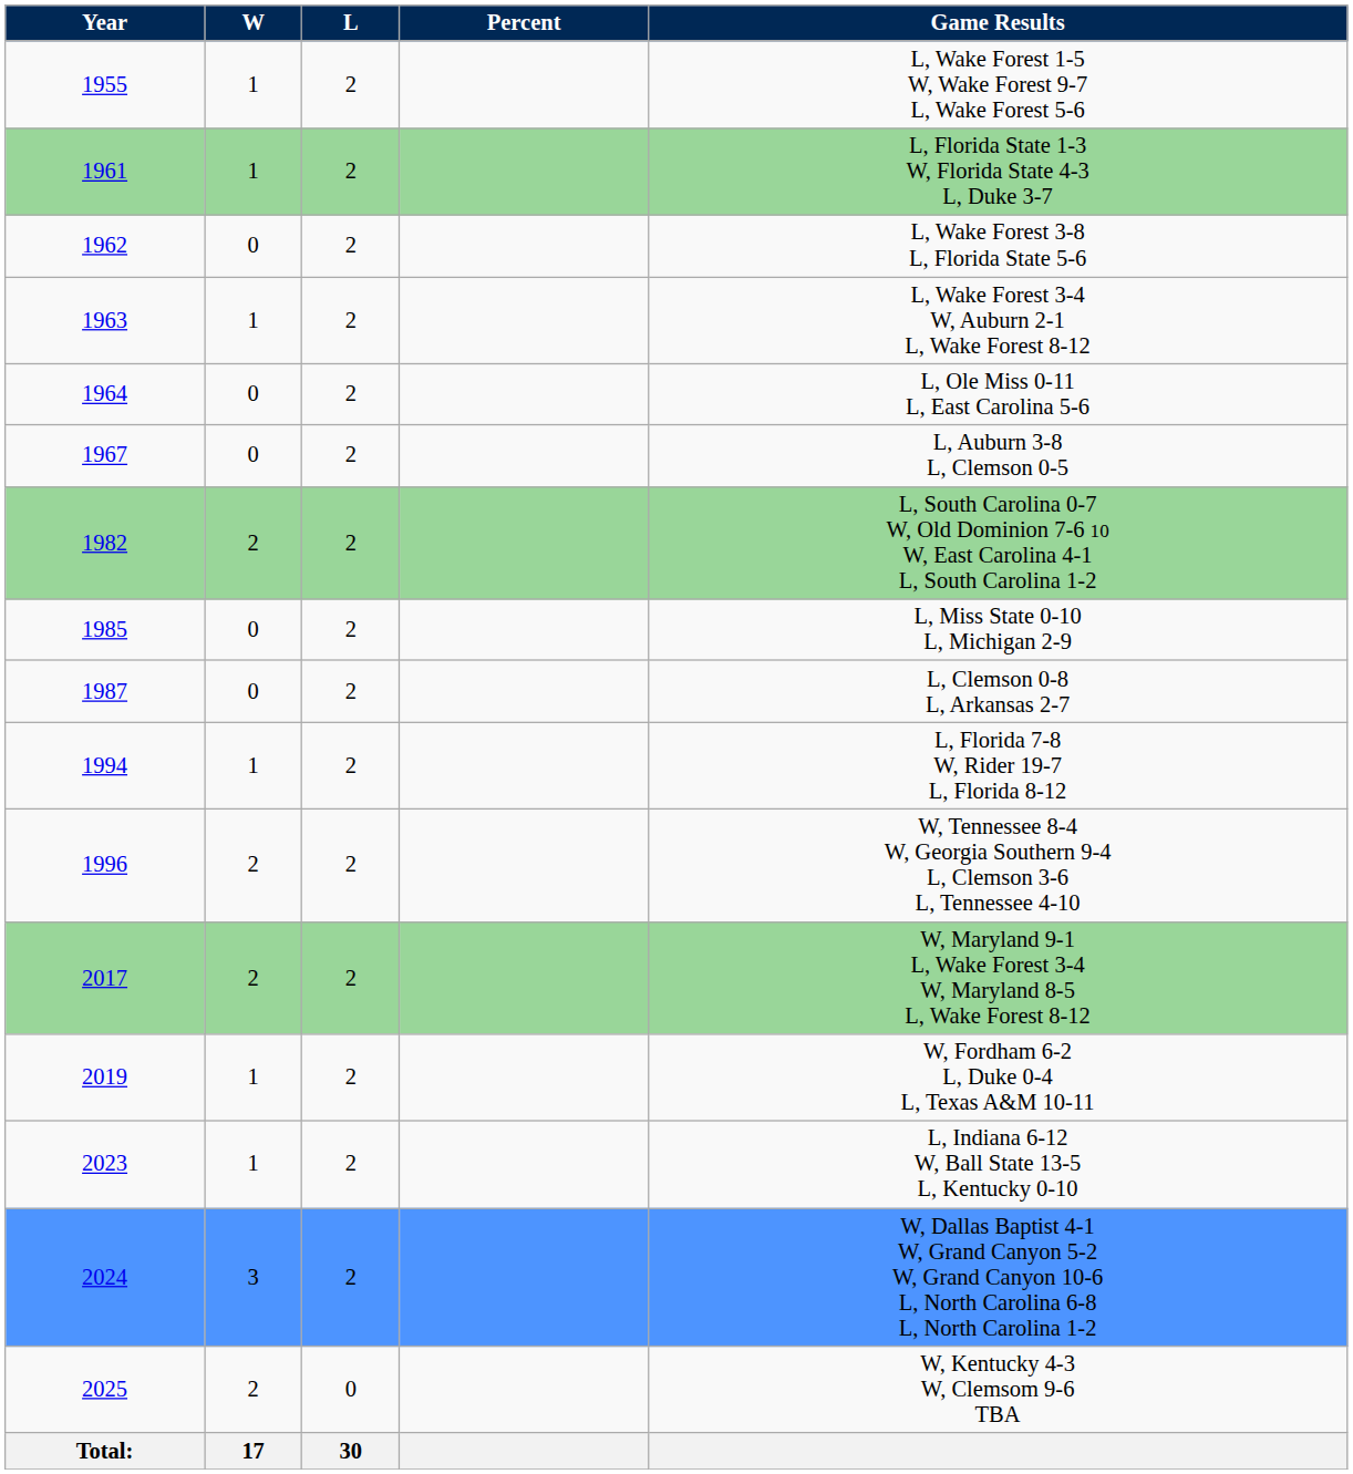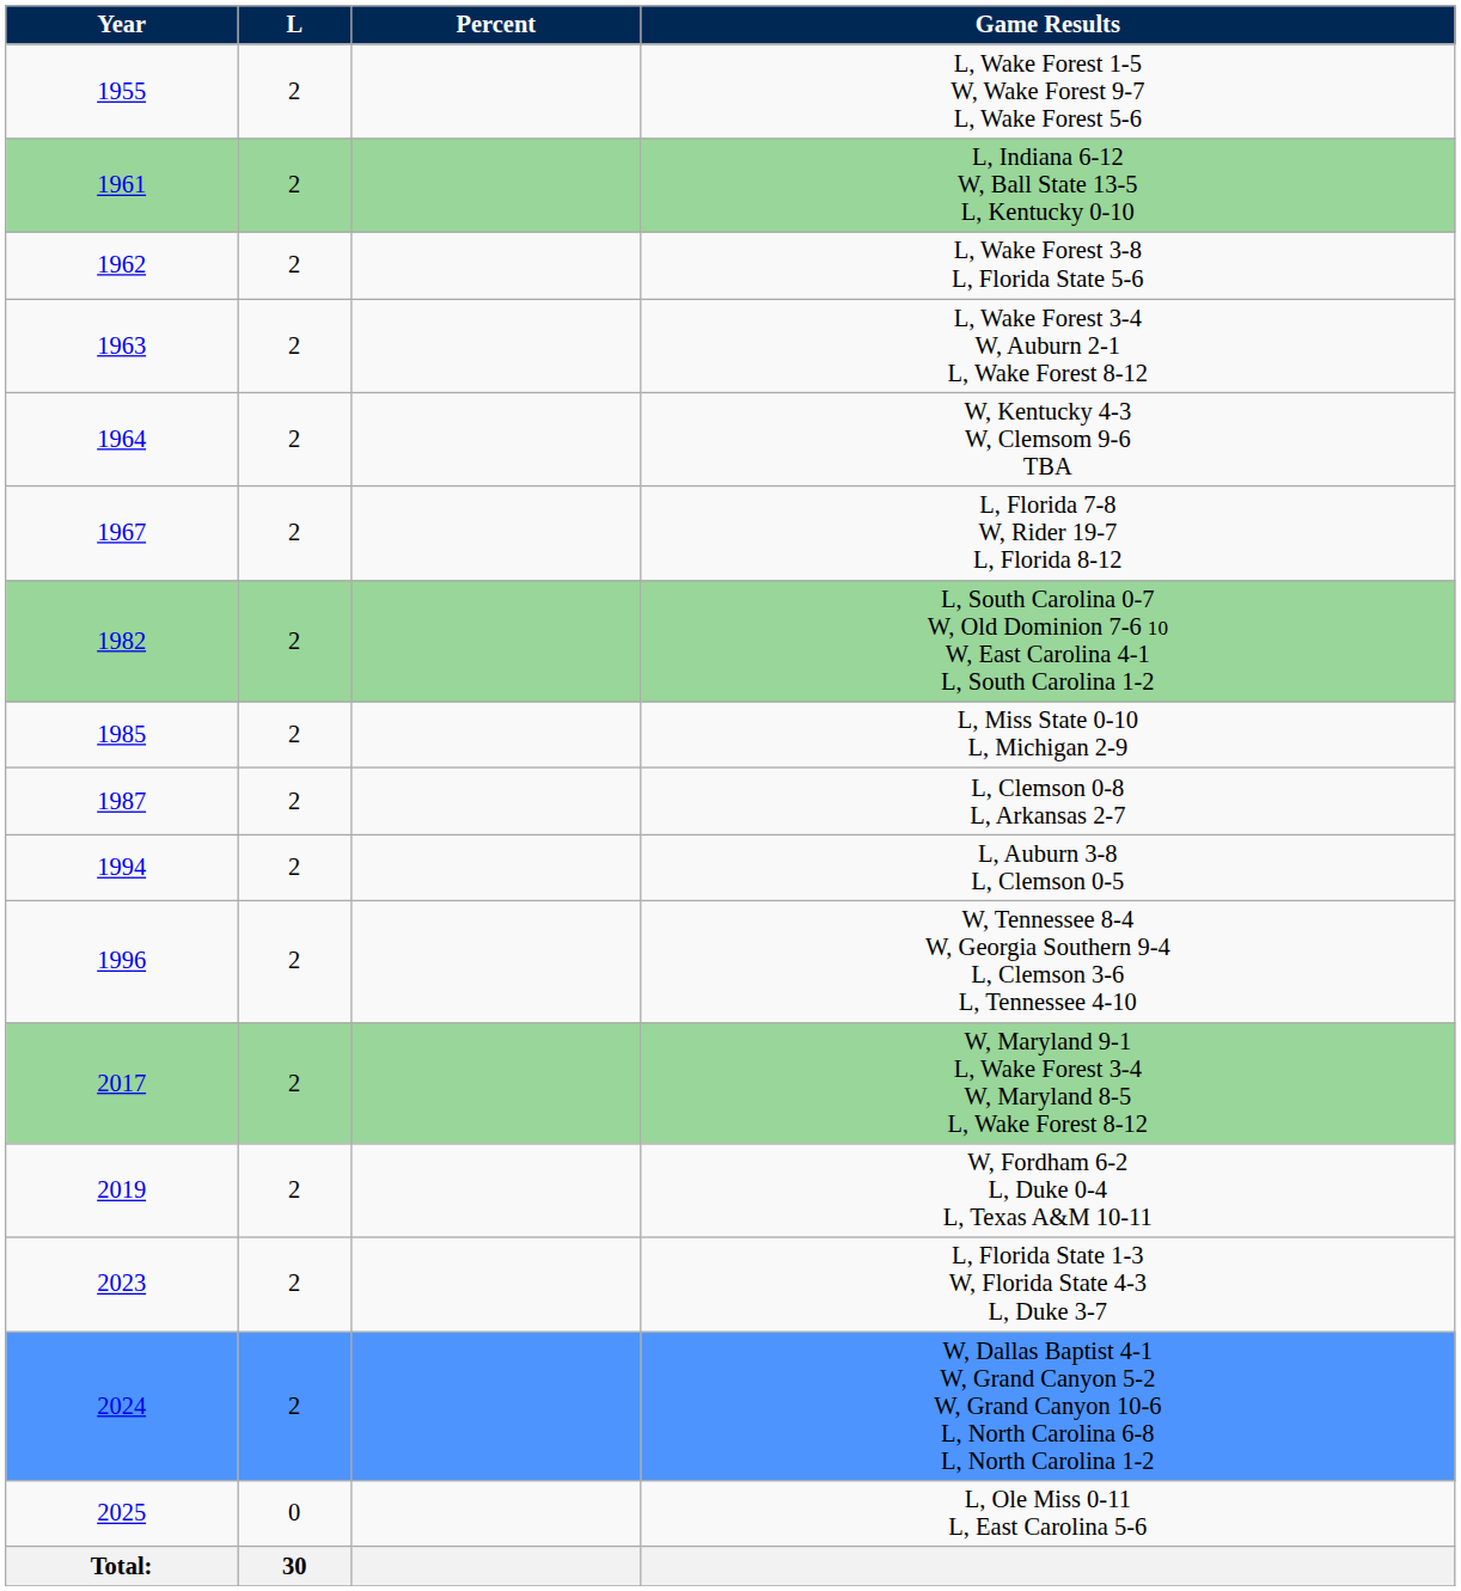 <table cellpadding="1" style="width:75%;" class="wikitable">
 <tr>
 <th style="background:#002855; color:white;">Year</th>
-<th style="background:#002855; color:white;">W</th>
 <th style="background:#002855; color:white;">L</th>
 <th style="background:#002855; color:white;">Percent</th>
 <th style="background:#002855; color:white;">Game Results</th>
 </tr>
 <tr style="text-align:center;">
 <td><a href='#'>1955</a></td>
-<td>1</td>
 <td>2</td>
 <td></td>
 <td>L, Wake Forest 1-5<br> W, Wake Forest 9-7<br> L, Wake Forest 5-6</td>
 </tr>
 <tr style="text-align:center; background:#99D699;">
 <td><a href='#'>1961</a></td>
-<td>1</td>
 <td>2</td>
 <td></td>
-<td>L, Florida State 1-3<br> W, Florida State 4-3<br> L, Duke 3-7</td>
+<td>L, Indiana 6-12<br> W, Ball State 13-5<br> L, Kentucky 0-10</td>
 </tr>
 <tr style="text-align:center;">
 <td><a href='#'>1962</a></td>
-<td>0</td>
 <td>2</td>
 <td></td>
 <td>L, Wake Forest 3-8<br> L, Florida State 5-6</td>
 </tr>
 <tr style="text-align:center;">
 <td><a href='#'>1963</a></td>
-<td>1</td>
 <td>2</td>
 <td></td>
 <td>L, Wake Forest 3-4<br> W, Auburn 2-1<br> L, Wake Forest 8-12</td>
 </tr>
 <tr style="text-align:center;">
 <td><a href='#'>1964</a></td>
-<td>0</td>
 <td>2</td>
 <td></td>
-<td>L, Ole Miss 0-11<br> L, East Carolina 5-6</td>
+<td>W, Kentucky 4-3<br> W, Clemsom 9-6<br> TBA</td>
 </tr>
 <tr style="text-align:center;">
 <td><a href='#'>1967</a></td>
-<td>0</td>
 <td>2</td>
 <td></td>
-<td>L, Auburn 3-8<br> L, Clemson 0-5</td>
+<td>L, Florida 7-8<br> W, Rider 19-7<br> L, Florida 8-12</td>
 </tr>
 <tr style="text-align:center; background:#99D699;">
 <td><a href='#'>1982</a></td>
-<td>2</td>
 <td>2</td>
 <td></td>
 <td>L, South Carolina 0-7<br> W, Old Dominion 7-6 <small>10</small><br> W, East Carolina 4-1<br> L, South Carolina 1-2</td>
 </tr>
 <tr style="text-align:center;">
 <td><a href='#'>1985</a></td>
-<td>0</td>
 <td>2</td>
 <td></td>
 <td>L, Miss State 0-10<br> L, Michigan 2-9</td>
 </tr>
 <tr style="text-align:center;">
 <td><a href='#'>1987</a></td>
-<td>0</td>
 <td>2</td>
 <td></td>
 <td>L, Clemson 0-8<br> L, Arkansas 2-7</td>
 </tr>
 <tr style="text-align:center;">
 <td><a href='#'>1994</a></td>
-<td>1</td>
 <td>2</td>
 <td></td>
-<td>L, Florida 7-8<br> W, Rider 19-7<br> L, Florida 8-12</td>
+<td>L, Auburn 3-8<br> L, Clemson 0-5</td>
 </tr>
 <tr style="text-align:center;">
 <td><a href='#'>1996</a></td>
-<td>2</td>
 <td>2</td>
 <td></td>
 <td>W, Tennessee 8-4<br> W, Georgia Southern 9-4<br> L, Clemson 3-6<br> L, Tennessee 4-10</td>
 </tr>
 <tr style="text-align:center; background:#99D699;">
 <td><a href='#'>2017</a></td>
 <td>2</td>
-<td>2</td>
 <td></td>
 <td>W, Maryland 9-1<br> L, Wake Forest 3-4<br> W, Maryland 8-5<br> L, Wake Forest 8-12</td>
 </tr>
 <tr style="text-align:center;">
 <td><a href='#'>2019</a></td>
-<td>1</td>
 <td>2</td>
 <td></td>
 <td>W, Fordham 6-2<br>L, Duke 0-4<br> L, Texas A&M 10-11<br></td>
 </tr>
 <tr style="text-align:center;">
 <td><a href='#'>2023</a></td>
-<td>1</td>
 <td>2</td>
 <td></td>
-<td>L, Indiana 6-12<br> W, Ball State 13-5<br> L, Kentucky 0-10</td>
+<td>L, Florida State 1-3<br> W, Florida State 4-3<br> L, Duke 3-7</td>
 </tr>
 <tr style="text-align:center; background:#4D94FF;">
 <td><a href='#'>2024</a></td>
-<td>3</td>
 <td>2</td>
 <td></td>
 <td>W, Dallas Baptist 4-1<br> W, Grand Canyon 5-2<br>W, Grand Canyon 10-6<br> L, North Carolina 6-8<br> L, North Carolina 1-2</td>
 </tr>
 <tr style="text-align:center;">
 <td><a href='#'>2025</a></td>
-<td>2</td>
 <td>0</td>
 <td></td>
-<td>W, Kentucky 4-3<br> W, Clemsom 9-6<br> TBA</td>
+<td>L, Ole Miss 0-11<br> L, East Carolina 5-6</td>
 </tr>
 <tr style="text-align:center;" class="sortbottom">
 <th style="background:#; color:black;">Total:</th>
-<th style="background:#; color:black;">17</th>
 <th style="background:#; color:black;">30</th>
 <th style="background:#; color:black;"></th>
 <th style="background:#; color:black;"></th>
 </tr>
 </table>
